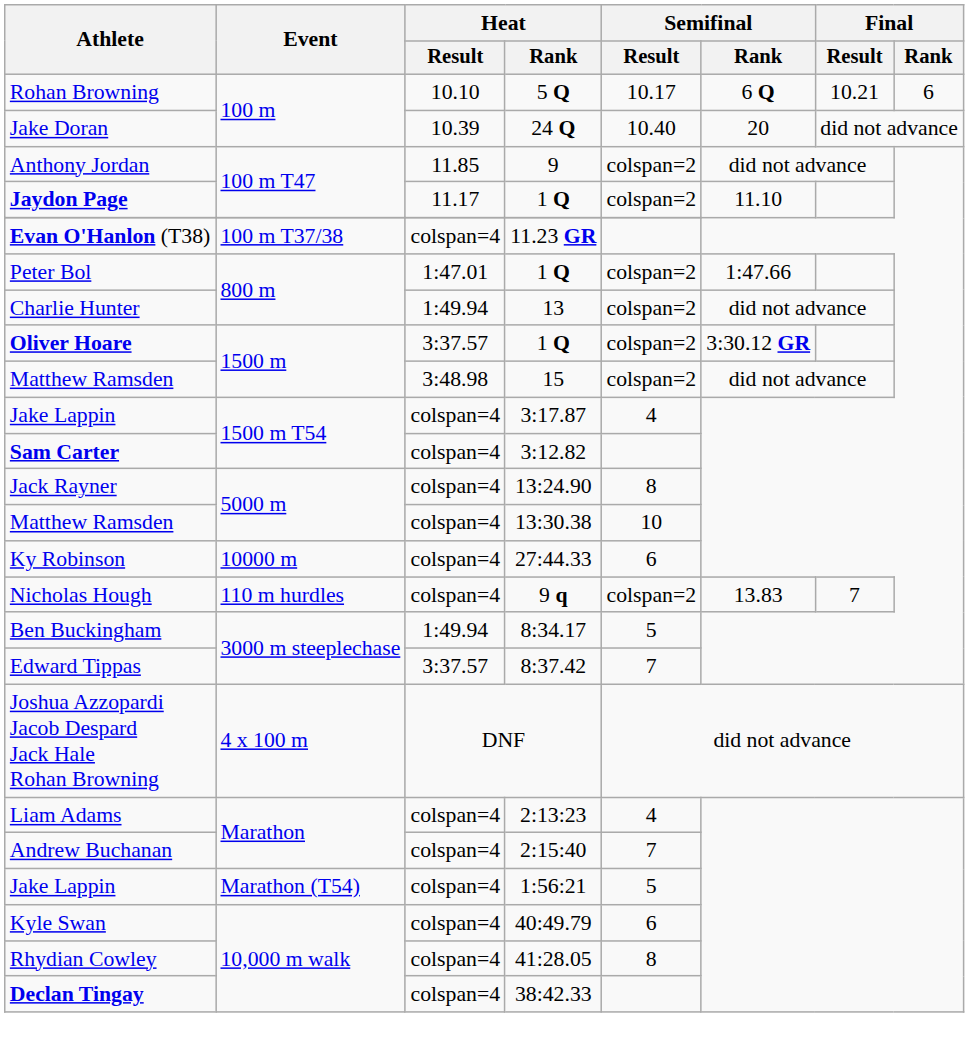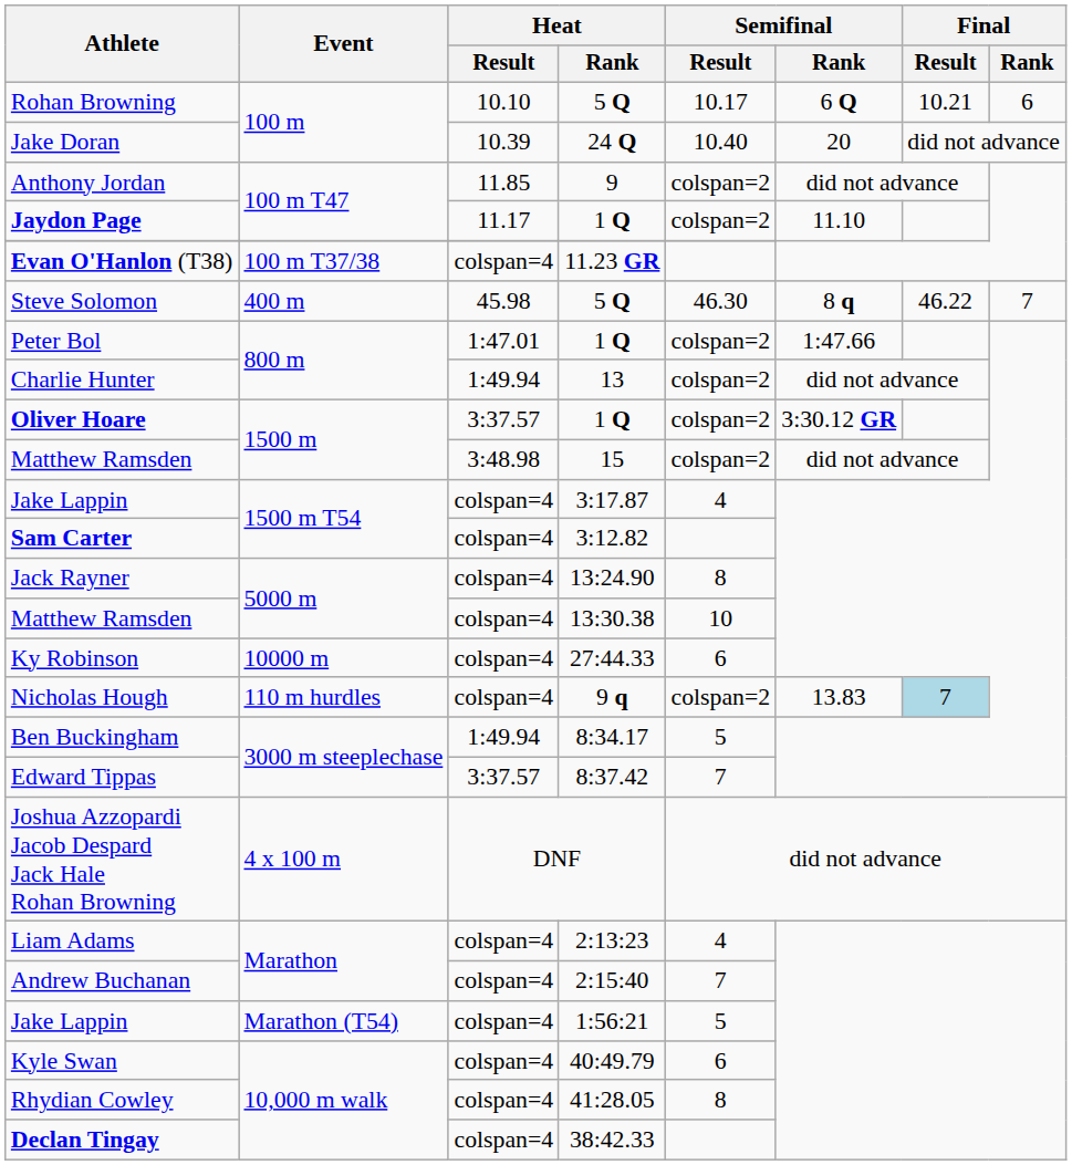 <table class="wikitable" style="font-size:90%;text-align:center">
 <tr>
 <th rowspan="2">Athlete</th>
 <th rowspan="2">Event</th>
 <th colspan="2">Heat</th>
 <th colspan="2">Semifinal</th>
 <th colspan="2">Final</th>
 </tr>
 <tr style="font-size:95%">
 <th>Result</th>
 <th>Rank</th>
 <th>Result</th>
 <th>Rank</th>
 <th>Result</th>
 <th>Rank</th>
 </tr>
 <tr>
 <td align="left"><a href='#'>Rohan Browning</a></td>
 <td rowspan="2" align="left"><a href='#'>100 m</a></td>
 <td>10.10</td>
 <td>5 <strong>Q</strong></td>
 <td>10.17</td>
 <td>6 <strong>Q</strong></td>
 <td>10.21</td>
 <td>6</td>
 </tr>
 <tr>
 <td align="left"><a href='#'>Jake Doran</a></td>
 <td>10.39</td>
 <td>24 <strong>Q</strong></td>
 <td>10.40</td>
 <td>20</td>
 <td colspan=2>did not advance</td>
 </tr>
 <tr>
 <td align="left"><a href='#'>Anthony Jordan</a></td>
 <td rowspan="2" align="left"><a href='#'>100 m T47</a></td>
 <td>11.85</td>
 <td>9</td>
 <td>colspan=2 </td>
 <td colspan=2>did not advance</td>
 </tr>
 <tr>
 <td align="left"><strong><a href='#'>Jaydon Page</a></strong></td>
 <td>11.17</td>
 <td>1 <strong>Q</strong></td>
 <td>colspan=2 </td>
 <td>11.10</td>
 <td></td>
 </tr>
 <tr>
 </tr>
 <tr>
 <td align="left"><strong><a href='#'>Evan O'Hanlon</a></strong> (T38)</td>
 <td align="left"><a href='#'>100 m T37/38</a></td>
 <td>colspan=4 </td>
 <td>11.23 <a href='#'><strong>GR</strong></a></td>
 <td></td>
+</tr>
+<tr>
+<td align="left"><a href='#'>Steve Solomon</a></td>
+<td align="left"><a href='#'>400 m</a></td>
+<td>45.98</td>
+<td>5 <strong>Q</strong></td>
+<td>46.30</td>
+<td>8 <strong>q</strong></td>
+<td>46.22</td>
+<td>7</td>
 </tr>
 <tr>
 <td align="left"><a href='#'>Peter Bol</a></td>
 <td rowspan="2" align="left"><a href='#'>800 m</a></td>
 <td>1:47.01</td>
 <td>1 <strong>Q</strong></td>
 <td>colspan=2 </td>
 <td>1:47.66</td>
 <td></td>
 </tr>
 <tr>
 <td align="left"><a href='#'>Charlie Hunter</a></td>
 <td>1:49.94</td>
 <td>13</td>
 <td>colspan=2 </td>
 <td colspan=2>did not advance</td>
 </tr>
 <tr>
 <td align="left"><strong><a href='#'>Oliver Hoare</a></strong></td>
 <td rowspan="2" align="left"><a href='#'>1500 m</a></td>
 <td>3:37.57</td>
 <td>1 <strong>Q</strong></td>
 <td>colspan=2 </td>
 <td>3:30.12 <a href='#'><strong>GR</strong></a></td>
 <td></td>
 </tr>
 <tr>
 <td align="left"><a href='#'>Matthew Ramsden</a></td>
 <td>3:48.98</td>
 <td>15</td>
 <td>colspan=2 </td>
 <td colspan=2>did not advance</td>
 </tr>
 <tr>
 <td align="left"><a href='#'>Jake Lappin</a></td>
 <td rowspan="2" align="left"><a href='#'>1500 m T54</a></td>
 <td>colspan=4 </td>
 <td>3:17.87</td>
 <td>4</td>
 </tr>
 <tr>
 <td align="left"><strong><a href='#'>Sam Carter</a></strong></td>
 <td>colspan=4 </td>
 <td>3:12.82</td>
 <td></td>
 </tr>
 <tr>
 <td align="left"><a href='#'>Jack Rayner</a></td>
 <td rowspan="2" align="left"><a href='#'>5000 m</a></td>
 <td>colspan=4 </td>
 <td>13:24.90</td>
 <td>8</td>
 </tr>
 <tr>
 <td align="left"><a href='#'>Matthew Ramsden</a></td>
 <td>colspan=4 </td>
 <td>13:30.38</td>
 <td>10</td>
 </tr>
 <tr>
 <td align="left"><a href='#'>Ky Robinson</a></td>
 <td align="left"><a href='#'>10000 m</a></td>
 <td>colspan=4 </td>
 <td>27:44.33</td>
 <td>6</td>
 </tr>
 <tr>
 <td align="left"><a href='#'>Nicholas Hough</a></td>
 <td align="left"><a href='#'>110 m hurdles</a></td>
 <td>colspan=4 </td>
 <td>9 <strong>q</strong></td>
 <td>colspan=2 </td>
 <td>13.83</td>
-<td>7</td>
+<td style="background: lightblue;">7</td>
 </tr>
 <tr>
 <td align="left"><a href='#'>Ben Buckingham</a></td>
 <td rowspan="2" align="left"><a href='#'>3000 m steeplechase</a></td>
 <td>1:49.94</td>
 <td>8:34.17</td>
 <td>5</td>
 </tr>
 <tr>
 <td align="left"><a href='#'>Edward Tippas</a></td>
 <td>3:37.57</td>
 <td>8:37.42</td>
 <td>7</td>
 </tr>
 <tr>
 <td align="left"><a href='#'>Joshua Azzopardi</a> <br> <a href='#'>Jacob Despard</a> <br> <a href='#'>Jack Hale</a> <br> <a href='#'>Rohan Browning</a></td>
 <td align="left"><a href='#'>4 x 100 m</a></td>
 <td colspan=2>DNF</td>
 <td colspan=4>did not advance</td>
 </tr>
 <tr>
 <td align="left"><a href='#'>Liam Adams</a></td>
 <td rowspan="2" align="left"><a href='#'>Marathon</a></td>
 <td>colspan=4 </td>
 <td>2:13:23</td>
 <td>4</td>
 </tr>
 <tr>
 <td align="left"><a href='#'>Andrew Buchanan</a></td>
 <td>colspan=4 </td>
 <td>2:15:40</td>
 <td>7</td>
 </tr>
 <tr>
 <td align="left"><a href='#'>Jake Lappin</a></td>
 <td rowspan="1" align="left"><a href='#'>Marathon (T54)</a></td>
 <td>colspan=4 </td>
 <td>1:56:21</td>
 <td>5</td>
 </tr>
 <tr>
 <td align="left"><a href='#'>Kyle Swan</a></td>
 <td rowspan="3" align="left"><a href='#'>10,000 m walk</a></td>
 <td>colspan=4 </td>
 <td>40:49.79</td>
 <td>6</td>
 </tr>
 <tr>
 <td align="left"><a href='#'>Rhydian Cowley</a></td>
 <td>colspan=4 </td>
 <td>41:28.05</td>
 <td>8</td>
 </tr>
 <tr>
 <td align="left"><strong><a href='#'>Declan Tingay</a></strong></td>
 <td>colspan=4 </td>
 <td>38:42.33</td>
 <td></td>
 </tr>
 </table>
